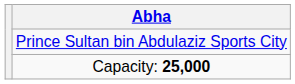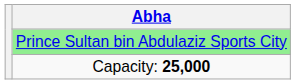 <table class="wikitable" style="text-align:center;margin:1em auto;">
 <tr>
 <th rowspan="4"></th>
 <th colspan="1"><a href='#'>Abha</a></th>
 </tr>
 <tr>
-<td><a href='#'>Prince Sultan bin Abdulaziz Sports City</a></td>
+<td style="background: lightgreen;"><a href='#'>Prince Sultan bin Abdulaziz Sports City</a></td>
 </tr>
 <tr>
 <td>Capacity: <strong>25,000</strong></td>
 </tr>
 </table>
